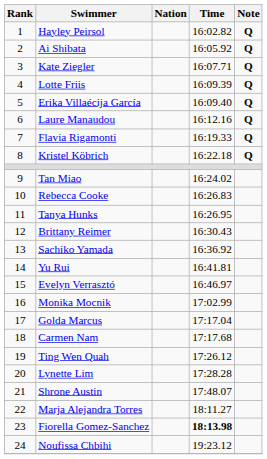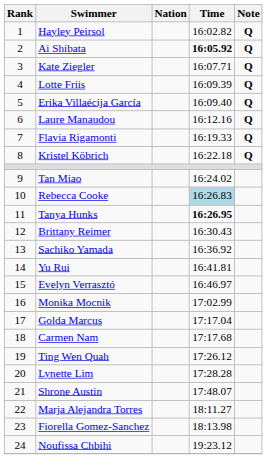 <table class="wikitable" style="text-align:center">
 <tr>
 <th>Rank</th>
 <th>Swimmer</th>
 <th>Nation</th>
 <th>Time</th>
 <th>Note</th>
 </tr>
 <tr>
 <td>1</td>
 <td align=left><a href='#'>Hayley Peirsol</a></td>
 <td align=left></td>
 <td>16:02.82</td>
 <td><strong>Q</strong></td>
 </tr>
 <tr>
 <td>2</td>
 <td align=left><a href='#'>Ai Shibata</a></td>
 <td align=left></td>
-<td>16:05.92</td>
+<td><strong>16:05.92</strong></td>
 <td><strong>Q</strong></td>
 </tr>
 <tr>
 <td>3</td>
 <td align=left><a href='#'>Kate Ziegler</a></td>
 <td align=left></td>
 <td>16:07.71</td>
 <td><strong>Q</strong></td>
 </tr>
 <tr>
 <td>4</td>
 <td align=left><a href='#'>Lotte Friis</a></td>
 <td align=left></td>
 <td>16:09.39</td>
 <td><strong>Q</strong></td>
 </tr>
 <tr>
 <td>5</td>
 <td align=left><a href='#'>Erika Villaécija García</a></td>
 <td align=left></td>
 <td>16:09.40</td>
 <td><strong>Q</strong></td>
 </tr>
 <tr>
 <td>6</td>
 <td align=left><a href='#'>Laure Manaudou</a></td>
 <td align=left></td>
 <td>16:12.16</td>
 <td><strong>Q</strong></td>
 </tr>
 <tr>
 <td>7</td>
 <td align=left><a href='#'>Flavia Rigamonti</a></td>
 <td align=left></td>
 <td>16:19.33</td>
 <td><strong>Q</strong></td>
 </tr>
 <tr>
 <td>8</td>
 <td align=left><a href='#'>Kristel Köbrich</a></td>
 <td align=left></td>
 <td>16:22.18</td>
 <td><strong>Q</strong></td>
 </tr>
 <tr bgcolor=#DDDDDD>
 <td colspan=5></td>
 </tr>
 <tr>
 <td>9</td>
 <td align=left><a href='#'>Tan Miao</a></td>
 <td align=left></td>
 <td>16:24.02</td>
 <td></td>
 </tr>
 <tr>
 <td>10</td>
 <td align=left><a href='#'>Rebecca Cooke</a></td>
 <td align=left></td>
-<td>16:26.83</td>
+<td style="background: lightblue;">16:26.83</td>
 <td></td>
 </tr>
 <tr>
 <td>11</td>
 <td align=left><a href='#'>Tanya Hunks</a></td>
 <td align=left></td>
-<td>16:26.95</td>
+<td><strong>16:26.95</strong></td>
 <td></td>
 </tr>
 <tr>
 <td>12</td>
 <td align=left><a href='#'>Brittany Reimer</a></td>
 <td align=left></td>
 <td>16:30.43</td>
 <td></td>
 </tr>
 <tr>
 <td>13</td>
 <td align=left><a href='#'>Sachiko Yamada</a></td>
 <td align=left></td>
 <td>16:36.92</td>
 <td></td>
 </tr>
 <tr>
 <td>14</td>
 <td align=left><a href='#'>Yu Rui</a></td>
 <td align=left></td>
 <td>16:41.81</td>
 <td></td>
 </tr>
 <tr>
 <td>15</td>
 <td align=left><a href='#'>Evelyn Verrasztó</a></td>
 <td align=left></td>
 <td>16:46.97</td>
 <td></td>
 </tr>
 <tr>
 <td>16</td>
 <td align=left><a href='#'>Monika Mocnik</a></td>
 <td align=left></td>
 <td>17:02.99</td>
 <td></td>
 </tr>
 <tr>
 <td>17</td>
 <td align=left><a href='#'>Golda Marcus</a></td>
 <td align=left></td>
 <td>17:17.04</td>
 <td></td>
 </tr>
 <tr>
 <td>18</td>
 <td align=left><a href='#'>Carmen Nam</a></td>
 <td align=left></td>
 <td>17:17.68</td>
 <td></td>
 </tr>
 <tr>
 <td>19</td>
 <td align=left><a href='#'>Ting Wen Quah</a></td>
 <td align=left></td>
 <td>17:26.12</td>
 <td></td>
 </tr>
 <tr>
 <td>20</td>
 <td align=left><a href='#'>Lynette Lim</a></td>
 <td align=left></td>
 <td>17:28.28</td>
 <td></td>
 </tr>
 <tr>
 <td>21</td>
 <td align=left><a href='#'>Shrone Austin</a></td>
 <td align=left></td>
 <td>17:48.07</td>
 <td></td>
 </tr>
 <tr>
 <td>22</td>
 <td align=left><a href='#'>Marja Alejandra Torres</a></td>
 <td align=left></td>
 <td>18:11.27</td>
 <td></td>
 </tr>
 <tr>
 <td>23</td>
 <td align=left><a href='#'>Fiorella Gomez-Sanchez</a></td>
 <td align=left></td>
-<td><strong>18:13.98</strong></td>
+<td>18:13.98</td>
 <td></td>
 </tr>
 <tr>
 <td>24</td>
 <td align=left><a href='#'>Noufissa Chbihi</a></td>
 <td align=left></td>
 <td>19:23.12</td>
 <td></td>
 </tr>
 <tr>
 </tr>
 </table>
